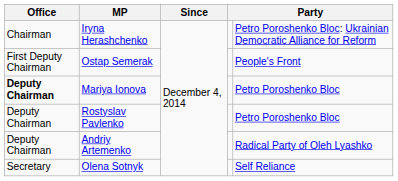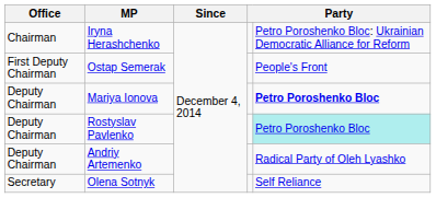 <table class=wikitable>
 <tr>
 <th>Office</th>
 <th>MP</th>
 <th>Since</th>
 <th colspan=2>Party</th>
 </tr>
 <tr>
 <td>Chairman</td>
 <td><a href='#'>Iryna Herashchenko</a></td>
 <td rowspan=6>December 4, 2014</td>
 <td style="background-color:"></td>
 <td><a href='#'>Petro Poroshenko Bloc</a>: <a href='#'>Ukrainian Democratic Alliance for Reform</a></td>
 </tr>
 <tr>
 <td>First Deputy Chairman</td>
 <td><a href='#'>Ostap Semerak</a></td>
 <td style="background-color:"></td>
 <td><a href='#'>People's Front</a></td>
 </tr>
 <tr>
-<td><strong>Deputy Chairman</strong></td>
+<td>Deputy Chairman</td>
 <td><a href='#'>Mariya Ionova</a></td>
 <td style="background-color:"></td>
-<td><a href='#'>Petro Poroshenko Bloc</a></td>
+<td><strong><a href='#'>Petro Poroshenko Bloc</a></strong></td>
 </tr>
 <tr>
 <td>Deputy Chairman</td>
 <td><a href='#'>Rostyslav Pavlenko</a></td>
 <td style="background-color:"></td>
-<td><a href='#'>Petro Poroshenko Bloc</a></td>
+<td style="background: paleturquoise;"><a href='#'>Petro Poroshenko Bloc</a></td>
 </tr>
 <tr>
 <td>Deputy Chairman</td>
 <td><a href='#'>Andriy Artemenko</a></td>
 <td style="background-color:"></td>
 <td><a href='#'>Radical Party of Oleh Lyashko</a></td>
 </tr>
 <tr>
 <td>Secretary</td>
 <td><a href='#'>Olena Sotnyk</a></td>
 <td style="background-color:"></td>
 <td><a href='#'>Self Reliance</a></td>
 </tr>
 </table>
